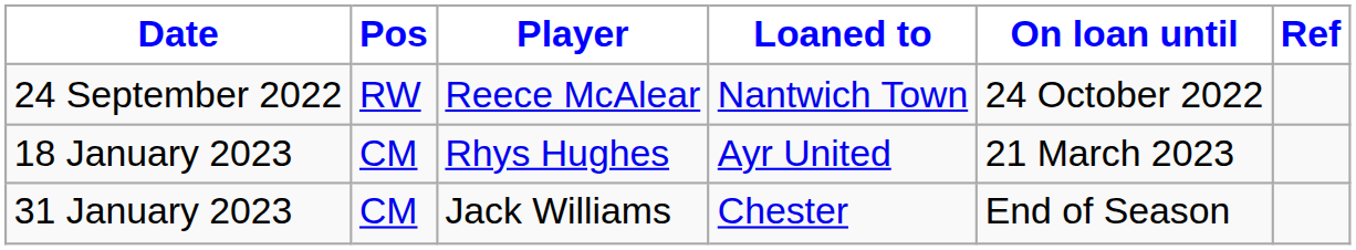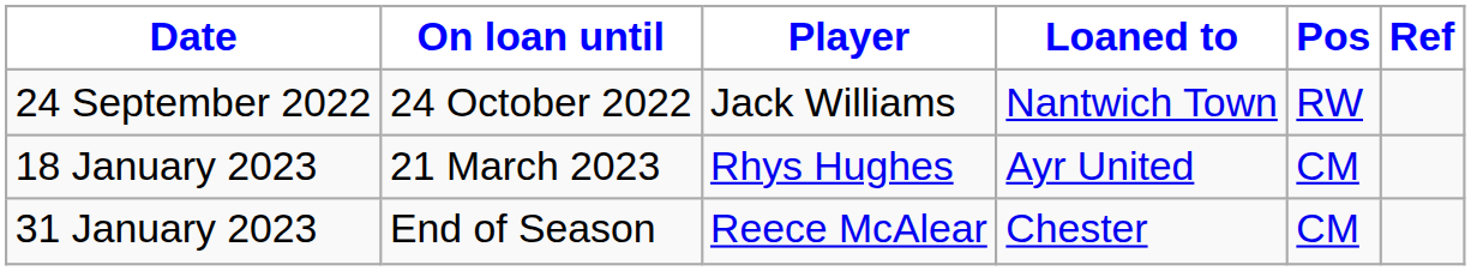 <table class="wikitable plainrowheaders sortable">
 <tr>
 <th style="background:#FFFFFF; color:#0000FF; ">Date</th>
-<th style="background:#FFFFFF; color:#0000FF; ">Pos</th>
+<th style="background:#FFFFFF; color:#0000FF; ">On loan until</th>
 <th style="background:#FFFFFF; color:#0000FF; ">Player</th>
 <th style="background:#FFFFFF; color:#0000FF; ">Loaned to</th>
-<th style="background:#FFFFFF; color:#0000FF; ">On loan until</th>
+<th style="background:#FFFFFF; color:#0000FF; ">Pos</th>
 <th style="background:#FFFFFF; color:#0000FF; ">Ref</th>
 </tr>
 <tr>
 <td>24 September 2022</td>
+<td>24 October 2022</td>
+<td> Jack Williams</td>
+<td> <a href='#'>Nantwich Town</a></td>
 <td><a href='#'>RW</a></td>
-<td> <a href='#'>Reece McAlear</a></td>
-<td> <a href='#'>Nantwich Town</a></td>
-<td>24 October 2022</td>
 <td></td>
 </tr>
 <tr>
 <td>18 January 2023</td>
-<td><a href='#'>CM</a></td>
+<td>21 March 2023</td>
 <td> <a href='#'>Rhys Hughes</a></td>
 <td> <a href='#'>Ayr United</a></td>
-<td>21 March 2023</td>
+<td><a href='#'>CM</a></td>
 <td></td>
 </tr>
 <tr>
 <td>31 January 2023</td>
+<td>End of Season</td>
+<td> <a href='#'>Reece McAlear</a></td>
+<td> <a href='#'>Chester</a></td>
 <td><a href='#'>CM</a></td>
-<td> Jack Williams</td>
-<td> <a href='#'>Chester</a></td>
-<td>End of Season</td>
 <td></td>
 </tr>
 </table>
